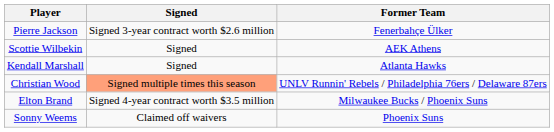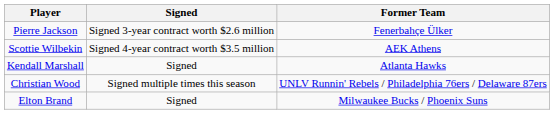 <table class="wikitable sortable sortable">
 <tr>
 <th>Player</th>
 <th>Signed</th>
 <th>Former Team</th>
 </tr>
 <tr style="text-align: center">
 <td><a href='#'>Pierre Jackson</a></td>
 <td>Signed 3-year contract worth $2.6 million</td>
 <td><a href='#'>Fenerbahçe Ülker</a></td>
 </tr>
 <tr style="text-align: center">
 <td><a href='#'>Scottie Wilbekin</a></td>
-<td>Signed</td>
+<td>Signed 4-year contract worth $3.5 million</td>
 <td><a href='#'>AEK Athens</a></td>
 </tr>
 <tr style="text-align: center">
 <td><a href='#'>Kendall Marshall</a></td>
 <td>Signed</td>
 <td><a href='#'>Atlanta Hawks</a></td>
 </tr>
 <tr style="text-align: center">
 <td><a href='#'>Christian Wood</a></td>
-<td style="background: lightsalmon;">Signed multiple times this season</td>
+<td>Signed multiple times this season</td>
 <td><a href='#'>UNLV Runnin' Rebels</a> / <a href='#'>Philadelphia 76ers</a> / <a href='#'>Delaware 87ers</a></td>
 </tr>
 <tr style="text-align: center">
 <td><a href='#'>Elton Brand</a></td>
-<td>Signed 4-year contract worth $3.5 million</td>
+<td>Signed</td>
 <td><a href='#'>Milwaukee Bucks</a> / <a href='#'>Phoenix Suns</a></td>
 </tr>
-<tr style="text-align: center">
-<td><a href='#'>Sonny Weems</a></td>
-<td>Claimed off waivers</td>
-<td><a href='#'>Phoenix Suns</a></td>
-</tr>
 </table>
